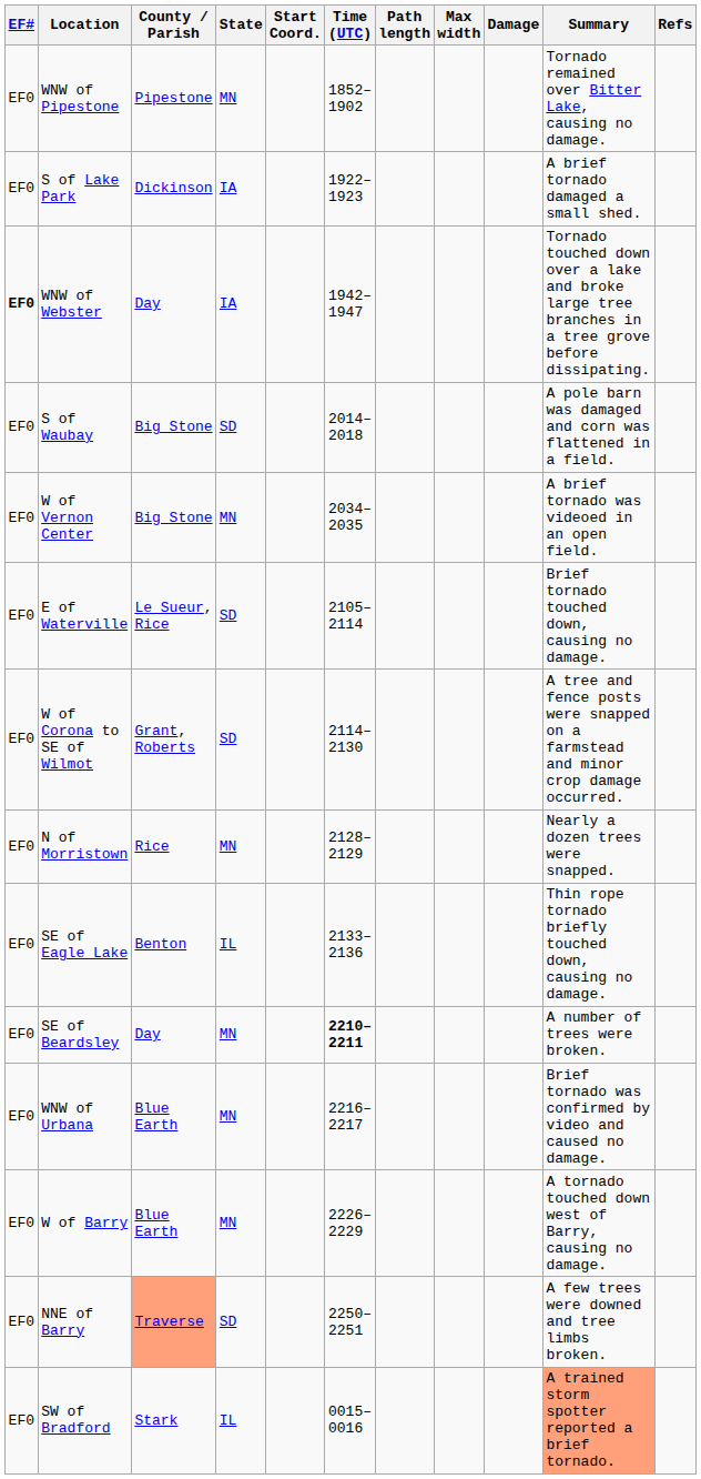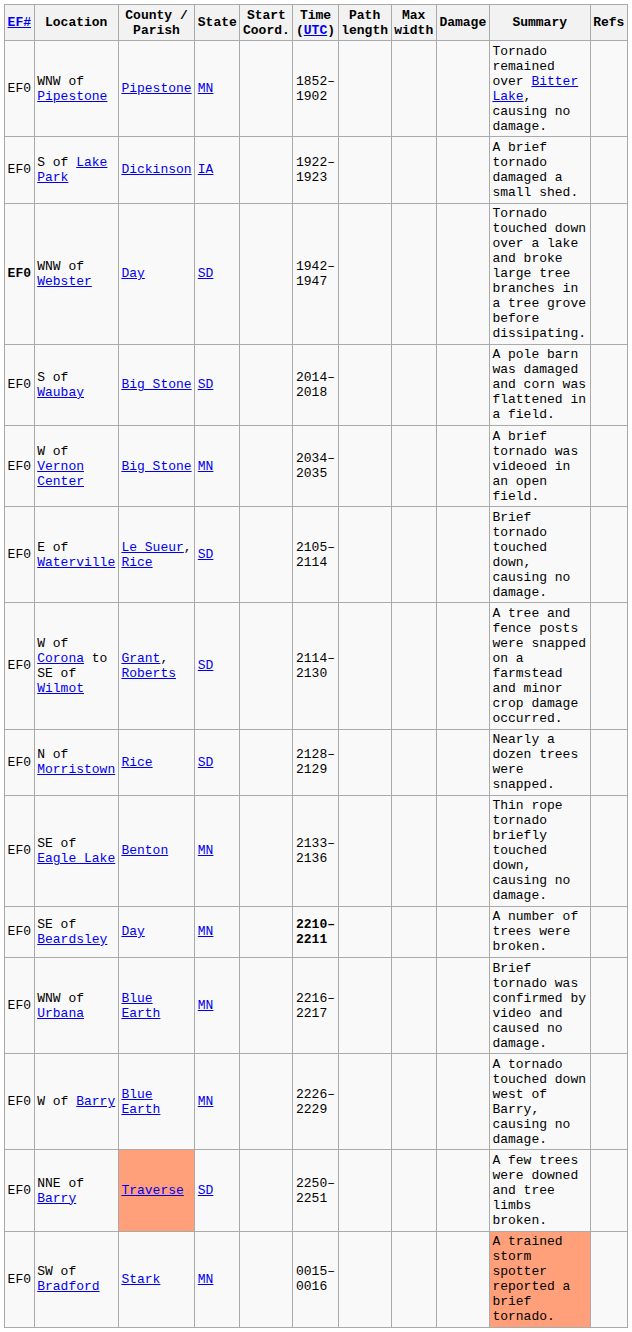 <table class="wikitable sortable" style="width:100%;">
 <tr>
 <th scope="col" width="3%" align="center"><a href='#'>EF#</a></th>
 <th scope="col" width="7%" align="center" class="unsortable">Location</th>
 <th scope="col" width="6%" align="center" class="unsortable">County / Parish</th>
 <th scope="col" width="5%" align="center">State</th>
 <th scope="col" width="6%" align="center">Start Coord.</th>
 <th scope="col" width="6%" align="center">Time (<a href='#'>UTC</a>)</th>
 <th scope="col" width="6%" align="center">Path length</th>
 <th scope="col" width="6%" align="center">Max width</th>
 <th scope="col" width="6%" align="center">Damage</th>
 <th scope="col" width="48%" class="unsortable" align="center">Summary</th>
 <th scope="col" width="48%" class="unsortable" align="center">Refs</th>
 </tr>
 <tr>
 <td>EF0</td>
 <td>WNW of <a href='#'>Pipestone</a></td>
 <td><a href='#'>Pipestone</a></td>
 <td><a href='#'>MN</a></td>
 <td></td>
 <td>1852–1902</td>
 <td></td>
 <td></td>
 <td></td>
 <td>Tornado remained over <a href='#'>Bitter Lake</a>, causing no damage.</td>
 <td></td>
 </tr>
 <tr>
 <td>EF0</td>
 <td>S of <a href='#'>Lake Park</a></td>
 <td><a href='#'>Dickinson</a></td>
 <td><a href='#'>IA</a></td>
 <td></td>
 <td>1922–1923</td>
 <td></td>
 <td></td>
 <td></td>
 <td>A brief tornado damaged a small shed.</td>
 <td></td>
 </tr>
 <tr>
 <td><strong>EF0</strong></td>
 <td>WNW of <a href='#'>Webster</a></td>
 <td><a href='#'>Day</a></td>
-<td><a href='#'>IA</a></td>
+<td><a href='#'>SD</a></td>
 <td></td>
 <td>1942–1947</td>
 <td></td>
 <td></td>
 <td></td>
 <td>Tornado touched down over a lake and broke large tree branches in a tree grove before dissipating.</td>
 <td></td>
 </tr>
 <tr>
 <td>EF0</td>
 <td>S of <a href='#'>Waubay</a></td>
 <td><a href='#'>Big Stone</a></td>
 <td><a href='#'>SD</a></td>
 <td></td>
 <td>2014–2018</td>
 <td></td>
 <td></td>
 <td></td>
 <td>A pole barn was damaged and corn was flattened in a field.</td>
 <td></td>
 </tr>
 <tr>
 <td>EF0</td>
 <td>W of <a href='#'>Vernon Center</a></td>
 <td><a href='#'>Big Stone</a></td>
 <td><a href='#'>MN</a></td>
 <td></td>
 <td>2034–2035</td>
 <td></td>
 <td></td>
 <td></td>
 <td>A brief tornado was videoed in an open field.</td>
 <td></td>
 </tr>
 <tr>
 <td>EF0</td>
 <td>E of <a href='#'>Waterville</a></td>
 <td><a href='#'>Le Sueur</a>, <a href='#'>Rice</a></td>
 <td><a href='#'>SD</a></td>
 <td></td>
 <td>2105–2114</td>
 <td></td>
 <td></td>
 <td></td>
 <td>Brief tornado touched down, causing no damage.</td>
 <td></td>
 </tr>
 <tr>
 <td>EF0</td>
 <td>W of <a href='#'>Corona</a> to SE of <a href='#'>Wilmot</a></td>
 <td><a href='#'>Grant</a>, <a href='#'>Roberts</a></td>
 <td><a href='#'>SD</a></td>
 <td></td>
 <td>2114–2130</td>
 <td></td>
 <td></td>
 <td></td>
 <td>A tree and fence posts were snapped on a farmstead and minor crop damage occurred.</td>
 <td></td>
 </tr>
 <tr>
 <td>EF0</td>
 <td>N of <a href='#'>Morristown</a></td>
 <td><a href='#'>Rice</a></td>
-<td><a href='#'>MN</a></td>
+<td><a href='#'>SD</a></td>
 <td></td>
 <td>2128–2129</td>
 <td></td>
 <td></td>
 <td></td>
 <td>Nearly a dozen trees were snapped.</td>
 <td></td>
 </tr>
 <tr>
 <td>EF0</td>
 <td>SE of <a href='#'>Eagle Lake</a></td>
 <td><a href='#'>Benton</a></td>
-<td><a href='#'>IL</a></td>
+<td><a href='#'>MN</a></td>
 <td></td>
 <td>2133–2136</td>
 <td></td>
 <td></td>
 <td></td>
 <td>Thin rope tornado briefly touched down, causing no damage.</td>
 <td></td>
 </tr>
 <tr>
 <td>EF0</td>
 <td>SE of <a href='#'>Beardsley</a></td>
 <td><a href='#'>Day</a></td>
 <td><a href='#'>MN</a></td>
 <td></td>
 <td><strong>2210–2211</strong></td>
 <td></td>
 <td></td>
 <td></td>
 <td>A number of trees were broken.</td>
 <td></td>
 </tr>
 <tr>
 <td>EF0</td>
 <td>WNW of <a href='#'>Urbana</a></td>
 <td><a href='#'>Blue Earth</a></td>
 <td><a href='#'>MN</a></td>
 <td></td>
 <td>2216–2217</td>
 <td></td>
 <td></td>
 <td></td>
 <td>Brief tornado was confirmed by video and caused no damage.</td>
 <td></td>
 </tr>
 <tr>
 <td>EF0</td>
 <td>W of <a href='#'>Barry</a></td>
 <td><a href='#'>Blue Earth</a></td>
 <td><a href='#'>MN</a></td>
 <td></td>
 <td>2226–2229</td>
 <td></td>
 <td></td>
 <td></td>
 <td>A tornado touched down west of Barry, causing no damage.</td>
 <td></td>
 </tr>
 <tr>
 <td>EF0</td>
 <td>NNE of <a href='#'>Barry</a></td>
 <td style="background: lightsalmon;"><a href='#'>Traverse</a></td>
 <td><a href='#'>SD</a></td>
 <td></td>
 <td>2250–2251</td>
 <td></td>
 <td></td>
 <td></td>
 <td>A few trees were downed and tree limbs broken.</td>
 <td></td>
 </tr>
 <tr>
 <td>EF0</td>
 <td>SW of <a href='#'>Bradford</a></td>
 <td><a href='#'>Stark</a></td>
-<td><a href='#'>IL</a></td>
+<td><a href='#'>MN</a></td>
 <td></td>
 <td>0015–0016</td>
 <td></td>
 <td></td>
 <td></td>
 <td style="background: lightsalmon;">A trained storm spotter reported a brief tornado.</td>
 <td></td>
 </tr>
 <tr>
 </tr>
 </table>
